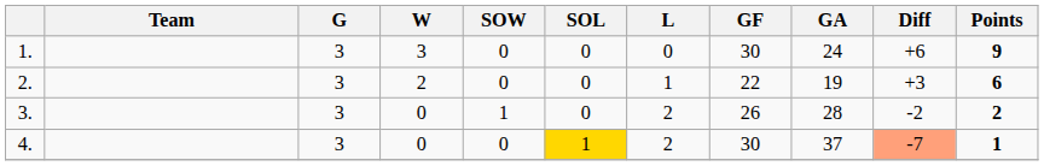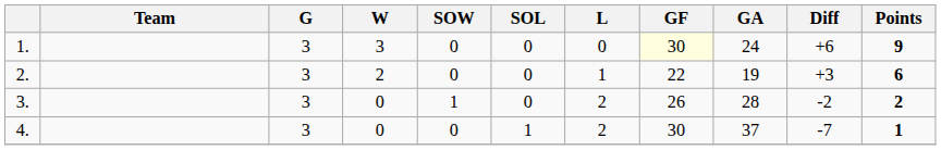 <table class=wikitable style="text-align:center">
 <tr bgcolor="#DCDCDC">
 <th width="25"></th>
 <th width="200">Team</th>
 <th width="60">G</th>
 <th width="60">W</th>
 <th width="60">SOW</th>
 <th width="60">SOL</th>
 <th width="60">L</th>
 <th width="60">GF</th>
 <th width="60">GA</th>
 <th width="60">Diff</th>
 <th width="60">Points</th>
 </tr>
 <tr>
 <td>1.</td>
 <td align=left></td>
 <td>3</td>
 <td>3</td>
 <td>0</td>
 <td>0</td>
 <td>0</td>
-<td>30</td>
+<td style="background: lightyellow;">30</td>
 <td>24</td>
 <td>+6</td>
 <td><strong>9</strong></td>
 </tr>
 <tr>
 <td>2.</td>
 <td align=left></td>
 <td>3</td>
 <td>2</td>
 <td>0</td>
 <td>0</td>
 <td>1</td>
 <td>22</td>
 <td>19</td>
 <td>+3</td>
 <td><strong>6</strong></td>
 </tr>
 <tr>
 <td>3.</td>
 <td align=left></td>
 <td>3</td>
 <td>0</td>
 <td>1</td>
 <td>0</td>
 <td>2</td>
 <td>26</td>
 <td>28</td>
 <td>-2</td>
 <td><strong>2</strong></td>
 </tr>
 <tr>
 <td>4.</td>
 <td align=left></td>
 <td>3</td>
 <td>0</td>
 <td>0</td>
-<td style="background: gold;">1</td>
+<td>1</td>
 <td>2</td>
 <td>30</td>
 <td>37</td>
-<td style="background: lightsalmon;">-7</td>
+<td>-7</td>
 <td><strong>1</strong></td>
 </tr>
 <tr>
 </tr>
 </table>
